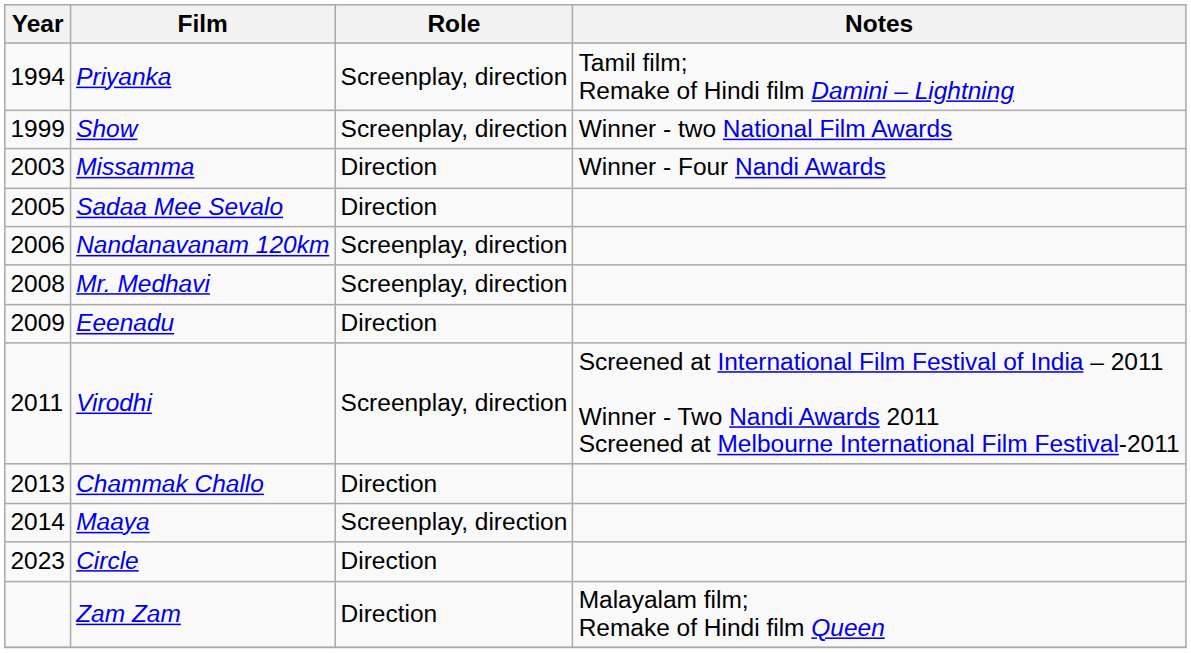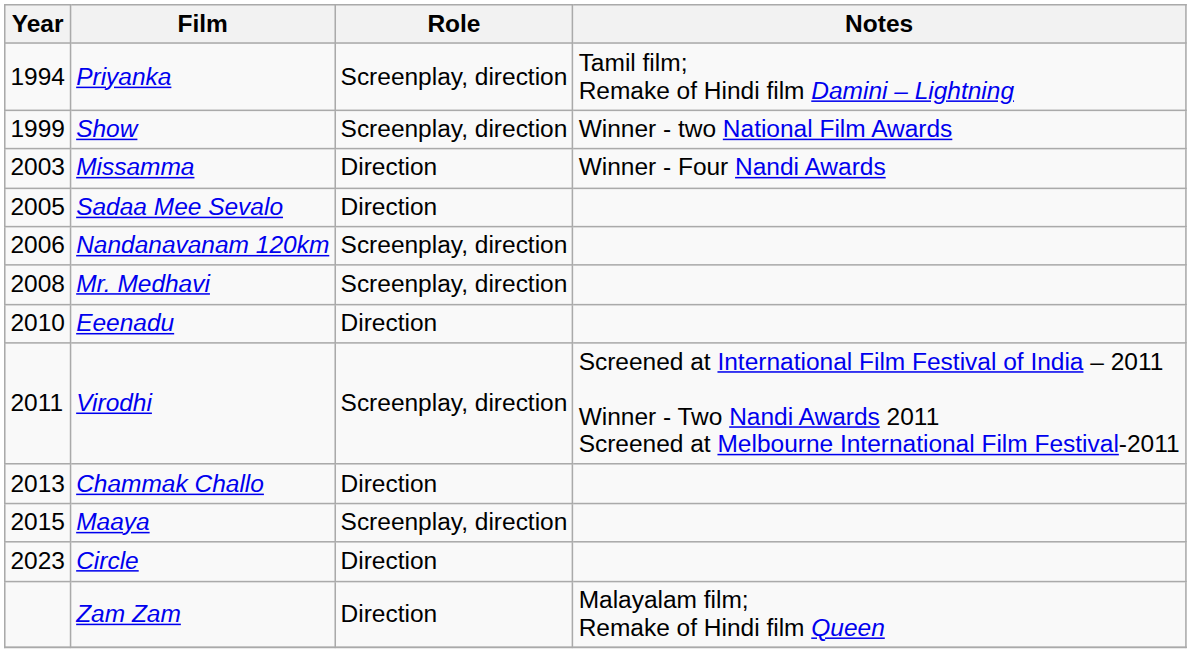 <table class="wikitable">
 <tr>
 <th>Year</th>
 <th>Film</th>
 <th>Role</th>
 <th>Notes</th>
 </tr>
 <tr>
 <td>1994</td>
 <td><em><a href='#'>Priyanka</a></em></td>
 <td>Screenplay, direction</td>
 <td>Tamil film;<br>Remake of Hindi film <em><a href='#'>Damini&nbsp;– Lightning</a></em></td>
 </tr>
 <tr>
 <td>1999</td>
 <td><em><a href='#'>Show</a></em></td>
 <td>Screenplay, direction</td>
 <td>Winner - two <a href='#'>National Film Awards</a></td>
 </tr>
 <tr>
 <td>2003</td>
 <td><em><a href='#'>Missamma</a></em></td>
 <td>Direction</td>
 <td>Winner - Four <a href='#'>Nandi Awards</a></td>
 </tr>
 <tr>
 <td>2005</td>
 <td><em><a href='#'>Sadaa Mee Sevalo</a></em></td>
 <td>Direction</td>
 <td></td>
 </tr>
 <tr>
 <td>2006</td>
 <td><em><a href='#'>Nandanavanam 120km</a></em></td>
 <td>Screenplay, direction</td>
 <td></td>
 </tr>
 <tr>
 <td>2008</td>
 <td><em><a href='#'>Mr. Medhavi</a></em></td>
 <td>Screenplay, direction</td>
 <td></td>
 </tr>
 <tr>
-<td>2009</td>
+<td>2010</td>
 <td><em><a href='#'>Eeenadu</a></em></td>
 <td>Direction</td>
 <td></td>
 </tr>
 <tr>
 <td>2011</td>
 <td><em><a href='#'>Virodhi</a></em></td>
 <td>Screenplay, direction</td>
 <td>Screened at <a href='#'>International Film Festival of India</a> – 2011<br><br>Winner - Two <a href='#'>Nandi Awards</a> 2011 <br>Screened at <a href='#'>Melbourne International Film Festival</a>-2011</td>
 </tr>
 <tr>
 <td>2013</td>
 <td><em><a href='#'>Chammak Challo</a></em></td>
 <td>Direction</td>
 <td></td>
 </tr>
 <tr>
-<td>2014</td>
+<td>2015</td>
 <td><em><a href='#'>Maaya</a></em></td>
 <td>Screenplay, direction</td>
 <td></td>
 </tr>
 <tr>
 <td>2023</td>
 <td><em><a href='#'>Circle</a></em></td>
 <td>Direction</td>
 <td></td>
 </tr>
 <tr>
 <td></td>
 <td><em><a href='#'>Zam Zam</a></em></td>
 <td>Direction</td>
 <td>Malayalam film;<br>Remake of Hindi film <em><a href='#'>Queen</a></em></td>
 </tr>
 <tr>
 </tr>
 </table>
